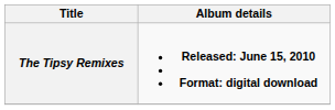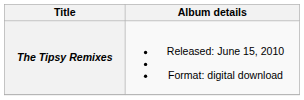 <table class="wikitable plainrowheaders" style="text-align:center;">
 <tr>
 <th scope="col" style="width:11em;">Title</th>
 <th scope="col" style="width:16em;">Album details</th>
 </tr>
 <tr>
 <th scope="row"><em>The Tipsy Remixes</em></th>
-<td><strong><br><ul><li>Released: June 15, 2010</li><li></li><li>Format: digital download</li></ul></strong></td>
+<td><br><ul><li>Released: June 15, 2010</li><li></li><li>Format: digital download</li></ul></td>
 </tr>
 <tr>
 </tr>
 </table>
